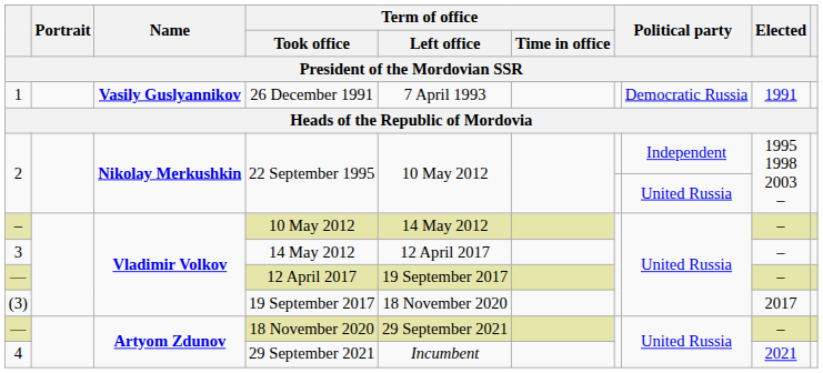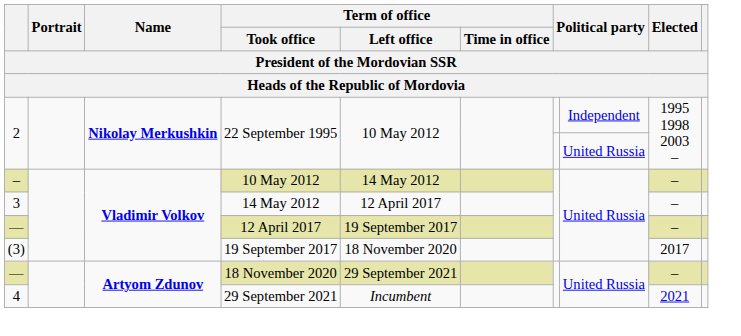 <table class="wikitable" style="text-align:center">
 <tr>
 <th rowspan=2></th>
 <th rowspan=2>Portrait</th>
 <th rowspan=2>Name<br></th>
 <th colspan=3>Term of office</th>
 <th colspan=2 rowspan=2>Political party</th>
 <th rowspan=2>Elected</th>
 <th rowspan=2></th>
 </tr>
 <tr>
 <th>Took office</th>
 <th>Left office</th>
 <th>Time in office</th>
 </tr>
 <tr>
 <th colspan=10>President of the Mordovian SSR</th>
-</tr>
-<tr>
-<td>1</td>
-<td></td>
-<td><strong><a href='#'>Vasily Guslyannikov</a></strong><br></td>
-<td>26 December 1991</td>
-<td>7 April 1993</td>
-<td></td>
-<td style="background:"></td>
-<td><a href='#'>Democratic Russia</a></td>
-<td><a href='#'>1991</a></td>
-<td></td>
 </tr>
 <tr>
 <th colspan=10>Heads of the Republic of Mordovia</th>
 </tr>
 <tr>
 <td rowspan=2>2</td>
 <td rowspan=2></td>
 <td rowspan=2><strong><a href='#'>Nikolay Merkushkin</a></strong><br></td>
 <td rowspan=2>22 September 1995</td>
 <td rowspan=2>10 May 2012</td>
 <td rowspan=2></td>
 <td style="background:"></td>
 <td><a href='#'>Independent</a></td>
 <td rowspan=2>1995<br>1998<br>2003<br>–</td>
 <td rowspan=2></td>
 </tr>
 <tr>
 <td style="background:"></td>
 <td><a href='#'>United Russia</a></td>
 </tr>
 <tr>
 <td style="background:#e6e6aa;">–</td>
 <td rowspan=4></td>
 <td rowspan=4><strong><a href='#'>Vladimir Volkov</a></strong><br></td>
 <td style="background:#e6e6aa;">10 May 2012</td>
 <td style="background:#e6e6aa;">14 May 2012</td>
 <td style="background:#e6e6aa;"></td>
 <td rowspan=4 style="background:"></td>
 <td rowspan=4><a href='#'>United Russia</a></td>
 <td style="background:#e6e6aa;">–</td>
 <td style="background:#e6e6aa;"></td>
 </tr>
 <tr>
 <td>3</td>
 <td>14 May 2012</td>
 <td>12 April 2017</td>
 <td></td>
 <td>–</td>
 <td></td>
 </tr>
 <tr>
 <td style="background:#e6e6aa;">—</td>
 <td style="background:#e6e6aa;">12 April 2017</td>
 <td style="background:#e6e6aa;">19 September 2017</td>
 <td style="background:#e6e6aa;"></td>
 <td style="background:#e6e6aa;">–</td>
 <td style="background:#e6e6aa;"></td>
 </tr>
 <tr>
 <td>(3)</td>
 <td>19 September 2017</td>
 <td>18 November 2020</td>
 <td></td>
 <td>2017</td>
 <td></td>
 </tr>
 <tr>
 <td style="background:#e6e6aa;">—</td>
 <td rowspan=2></td>
 <td rowspan=2><strong><a href='#'>Artyom Zdunov</a></strong><br></td>
 <td style="background:#e6e6aa;">18 November 2020</td>
 <td style="background:#e6e6aa;">29 September 2021</td>
 <td style="background:#e6e6aa;"></td>
 <td rowspan=2 style="background:"></td>
 <td rowspan=2><a href='#'>United Russia</a></td>
 <td style="background:#e6e6aa;">–</td>
 <td style="background:#e6e6aa;"></td>
 </tr>
 <tr>
 <td>4</td>
 <td>29 September 2021</td>
 <td><em>Incumbent</em></td>
 <td></td>
 <td><a href='#'>2021</a></td>
 <td></td>
 </tr>
 </table>
